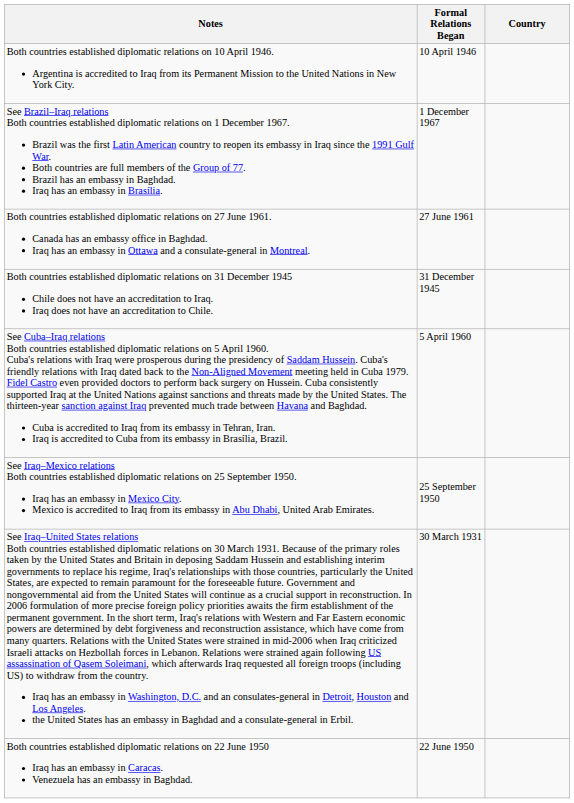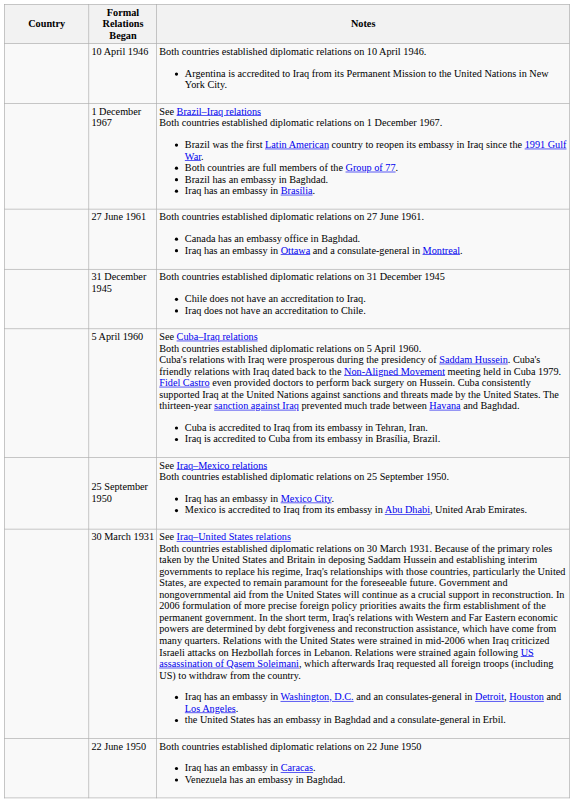 <table class="wikitable sortable" style="width:100%; margin:auto;">
 <tr>
+<th style="width:15%;">Country</th>
+<th style="width:12%;">Formal Relations Began</th>
 <th>Notes</th>
-<th style="width:12%;">Formal Relations Began</th>
-<th style="width:15%;">Country</th>
 </tr>
 <tr valign="top">
+<td></td>
+<td>10 April 1946</td>
 <td>Both countries established diplomatic relations on 10 April 1946.<br><ul><li>Argentina is accredited to Iraq from its Permanent Mission to the United Nations in New York City.</li></ul></td>
-<td>10 April 1946</td>
-<td></td>
 </tr>
 <tr valign="top">
+<td></td>
+<td>1 December 1967</td>
 <td>See <a href='#'>Brazil–Iraq relations</a><br>Both countries established diplomatic relations on 1 December 1967.<ul><li>Brazil was the first <a href='#'>Latin American</a> country to reopen its embassy in Iraq since the <a href='#'>1991 Gulf War</a>.</li><li>Both countries are full members of the <a href='#'>Group of 77</a>.</li><li>Brazil has an embassy in Baghdad.</li><li>Iraq has an embassy in <a href='#'>Brasília</a>.</li></ul></td>
-<td>1 December 1967</td>
-<td></td>
 </tr>
 <tr valign="top">
+<td></td>
+<td>27 June 1961</td>
 <td>Both countries established diplomatic relations on 27 June 1961.<br><ul><li>Canada has an embassy office in Baghdad.</li><li>Iraq has an embassy in <a href='#'>Ottawa</a> and a consulate-general in <a href='#'>Montreal</a>.</li></ul></td>
-<td>27 June 1961</td>
-<td></td>
 </tr>
 <tr valign="top">
+<td></td>
+<td>31 December 1945</td>
 <td>Both countries established diplomatic relations on 31 December 1945<br><ul><li>Chile does not have an accreditation to Iraq.</li><li>Iraq does not have an accreditation to Chile.</li></ul></td>
-<td>31 December 1945</td>
-<td></td>
 </tr>
 <tr valign="top">
+<td></td>
+<td>5 April 1960</td>
 <td>See <a href='#'>Cuba–Iraq relations</a><br>Both countries established diplomatic relations on 5 April 1960.<br>Cuba's relations with Iraq were prosperous during the presidency of <a href='#'>Saddam Hussein</a>. Cuba's friendly relations with Iraq dated back to the <a href='#'>Non-Aligned Movement</a> meeting held in Cuba 1979. <a href='#'>Fidel Castro</a> even provided doctors to perform back surgery on Hussein. Cuba consistently supported Iraq at the United Nations against sanctions and threats made by the United States. The thirteen-year <a href='#'>sanction against Iraq</a> prevented much trade between <a href='#'>Havana</a> and Baghdad.<ul><li>Cuba is accredited to Iraq from its embassy in Tehran, Iran.</li><li>Iraq is accredited to Cuba from its embassy in Brasília, Brazil.</li></ul></td>
-<td>5 April 1960</td>
-<td></td>
 </tr>
 <tr>
+<td></td>
+<td>25 September 1950</td>
 <td>See <a href='#'>Iraq–Mexico relations</a><br>Both countries established diplomatic relations on 25 September 1950.<ul><li>Iraq has an embassy in <a href='#'>Mexico City</a>.</li><li>Mexico is accredited to Iraq from its embassy in <a href='#'>Abu Dhabi</a>, United Arab Emirates.</li></ul></td>
-<td>25 September 1950</td>
-<td></td>
 </tr>
 <tr valign="top">
+<td></td>
+<td>30 March 1931</td>
 <td>See <a href='#'>Iraq–United States relations</a><br>Both countries established diplomatic relations on 30 March 1931.  Because of the primary roles taken by the United States and Britain in deposing Saddam Hussein and establishing interim governments to replace his regime, Iraq's relationships with those countries, particularly the United States, are expected to remain paramount for the foreseeable future. Government and nongovernmental aid from the United States will continue as a crucial support in reconstruction. In 2006 formulation of more precise foreign policy priorities awaits the firm establishment of the permanent government. In the short term, Iraq's relations with Western and Far Eastern economic powers are determined by debt forgiveness and reconstruction assistance, which have come from many quarters. Relations with the United States were strained in mid-2006 when Iraq criticized Israeli attacks on Hezbollah forces in Lebanon. Relations were strained again following <a href='#'>US assassination of Qasem Soleimani</a>, which afterwards Iraq requested all foreign troops (including US) to withdraw from the country.<ul><li>Iraq has an embassy in <a href='#'>Washington, D.C.</a> and an consulates-general in <a href='#'>Detroit</a>, <a href='#'>Houston</a> and <a href='#'>Los Angeles</a>.</li><li>the United States has an embassy in Baghdad and a consulate-general in Erbil.</li></ul></td>
-<td>30 March 1931</td>
-<td></td>
 </tr>
 <tr valign="top">
+<td></td>
+<td>22 June 1950</td>
 <td>Both countries established diplomatic relations on 22 June 1950<br><ul><li>Iraq has an embassy in <a href='#'>Caracas</a>.</li><li>Venezuela has an embassy in Baghdad.</li></ul></td>
-<td>22 June 1950</td>
-<td></td>
 </tr>
 </table>
